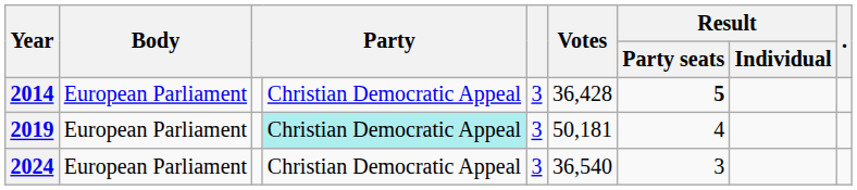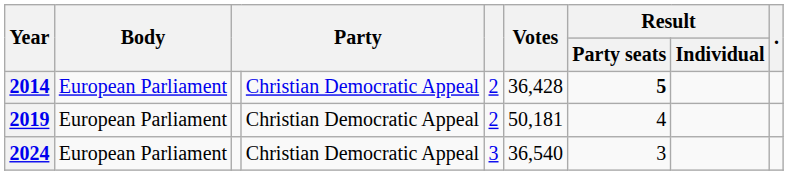 <table class="wikitable plainrowheaders sortable" border=2 cellpadding=4 cellspacing=0 style="border: 1px #aaa solid; font-size: 90%; text-align:center;">
 <tr>
 <th scope="col" rowspan=2>Year</th>
 <th scope="col" rowspan=2>Body</th>
 <th scope="col" colspan=2 rowspan=2>Party</th>
 <th scope="col" rowspan=2></th>
 <th scope="col" rowspan=2>Votes</th>
 <th scope="colgroup" colspan=2>Result</th>
 <th scope="col" rowspan=2>.</th>
 </tr>
 <tr>
 <th scope="col">Party seats</th>
 <th scope="col">Individual</th>
 </tr>
 <tr>
 <th scope="row"><a href='#'>2014</a></th>
 <td><a href='#'>European Parliament</a></td>
 <td style="background-color:"></td>
 <td><a href='#'>Christian Democratic Appeal</a></td>
-<td style=text-align:right><a href='#'>3</a></td>
+<td style=text-align:right><a href='#'>2</a></td>
 <td style=text-align:right>36,428</td>
 <td style=text-align:right><strong>5</strong></td>
 <td></td>
 <td></td>
 </tr>
 <tr>
 <th scope="row"><a href='#'>2019</a></th>
 <td>European Parliament</td>
 <td style="background-color:"></td>
-<td style="background: paleturquoise;">Christian Democratic Appeal</td>
-<td style=text-align:right><a href='#'>3</a></td>
+<td>Christian Democratic Appeal</td>
+<td style=text-align:right><a href='#'>2</a></td>
 <td style=text-align:right>50,181</td>
 <td style=text-align:right>4</td>
 <td></td>
 <td></td>
 </tr>
 <tr>
 <th scope="row"><a href='#'>2024</a></th>
 <td>European Parliament</td>
 <td style="background-color:"></td>
 <td>Christian Democratic Appeal</td>
 <td style=text-align:right><a href='#'>3</a></td>
 <td style=text-align:right>36,540</td>
 <td style=text-align:right>3</td>
 <td></td>
 <td></td>
 </tr>
 </table>
